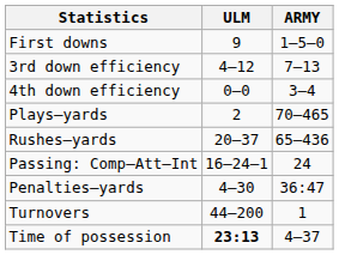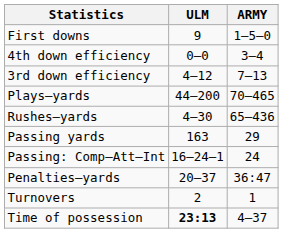 <table class="wikitable">
 <tr>
 <th>Statistics</th>
 <th>ULM</th>
 <th>ARMY</th>
 </tr>
 <tr>
 <td>First downs</td>
 <td align=center>9</td>
 <td align=center>1–5–0</td>
 </tr>
 <tr>
+<td>4th down efficiency</td>
+<td align=center>0–0</td>
+<td align=center>3–4</td>
+</tr>
+<tr>
 <td>3rd down efficiency</td>
 <td align=center>4–12</td>
 <td align=center>7–13</td>
 </tr>
 <tr>
-<td>4th down efficiency</td>
-<td align=center>0–0</td>
-<td align=center>3–4</td>
-</tr>
-<tr>
 <td>Plays–yards</td>
-<td align=center>2</td>
+<td align=center>44–200</td>
 <td align=center>70–465</td>
 </tr>
 <tr>
 <td>Rushes–yards</td>
-<td align=center>20–37</td>
+<td align=center>4–30</td>
 <td align=center>65–436</td>
+</tr>
+<tr>
+<td>Passing yards</td>
+<td align=center>163</td>
+<td align=center>29</td>
 </tr>
 <tr>
 <td>Passing: Comp–Att–Int</td>
 <td align=center>16–24–1</td>
 <td align=center>24</td>
 </tr>
 <tr>
 <td>Penalties–yards</td>
-<td align=center>4–30</td>
+<td align=center>20–37</td>
 <td align=center>36:47</td>
 </tr>
 <tr>
 <td>Turnovers</td>
-<td align=center>44–200</td>
+<td align=center>2</td>
 <td align=center>1</td>
 </tr>
 <tr>
 <td>Time of possession</td>
 <td align=center><strong>23:13</strong></td>
 <td align=center>4–37</td>
 </tr>
 </table>
